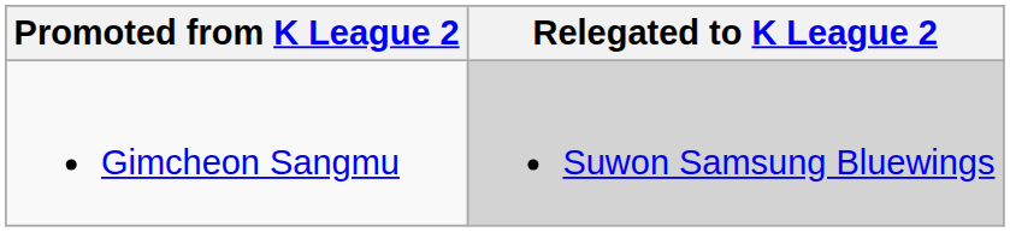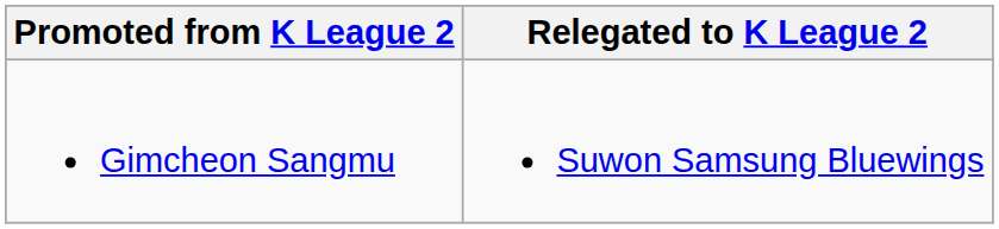 <table class="wikitable">
 <tr>
 <th> Promoted from <a href='#'>K League 2</a></th>
 <th> Relegated to <a href='#'>K League 2</a></th>
 </tr>
 <tr>
 <td><br><ul><li><a href='#'>Gimcheon Sangmu</a></li></ul></td>
-<td style="background: lightgrey;"><br><ul><li><a href='#'>Suwon Samsung Bluewings</a></li></ul></td>
+<td><br><ul><li><a href='#'>Suwon Samsung Bluewings</a></li></ul></td>
 </tr>
 </table>
